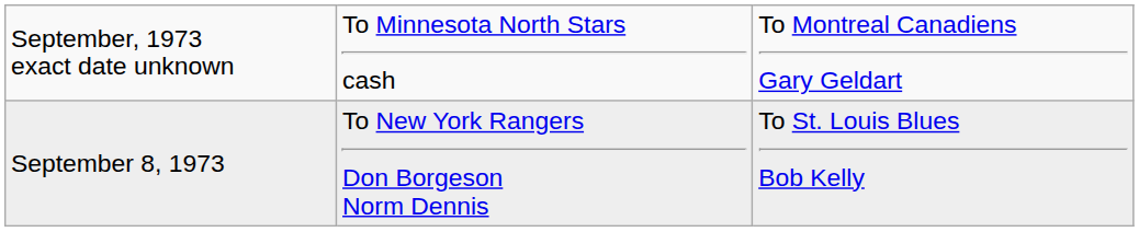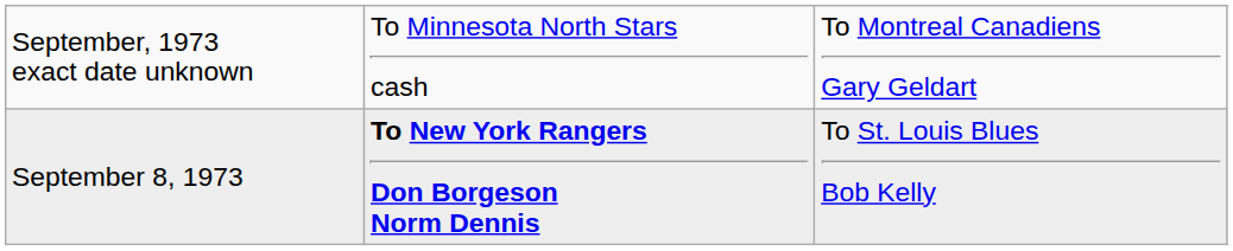 <table cellspacing=0 class="wikitable" style="border:1px solid #999999; width:720px;">
 <tr>
 <td>September, 1973<br>exact date unknown</td>
 <td valign="top">To <a href='#'>Minnesota North Stars</a><hr>cash</td>
 <td valign="top">To <a href='#'>Montreal Canadiens</a><hr><a href='#'>Gary Geldart</a></td>
 </tr>
 <tr bgcolor="#eeeeee">
 <td>September 8, 1973</td>
-<td valign="top">To <a href='#'>New York Rangers</a><hr><a href='#'>Don Borgeson</a><br><a href='#'>Norm Dennis</a></td>
+<td valign="top"><strong>To <a href='#'>New York Rangers</a><hr><a href='#'>Don Borgeson</a><br><a href='#'>Norm Dennis</a></strong></td>
 <td valign="top">To <a href='#'>St. Louis Blues</a><hr><a href='#'>Bob Kelly</a></td>
 </tr>
 </table>
